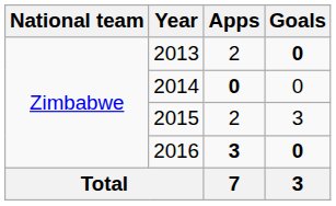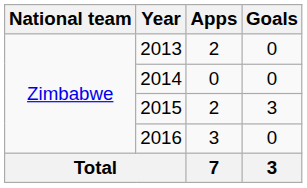 <table class="wikitable" style="text-align:center">
 <tr>
 <th>National team</th>
 <th>Year</th>
 <th>Apps</th>
 <th>Goals</th>
 </tr>
 <tr>
 <td rowspan="4"><a href='#'>Zimbabwe</a></td>
 <td>2013</td>
 <td>2</td>
-<td><strong>0</strong></td>
+<td>0</td>
 </tr>
 <tr>
 <td>2014</td>
-<td><strong>0</strong></td>
+<td>0</td>
 <td>0</td>
 </tr>
 <tr>
 <td>2015</td>
 <td>2</td>
 <td>3</td>
 </tr>
 <tr>
 <td>2016</td>
-<td><strong>3</strong></td>
-<td><strong>0</strong></td>
+<td>3</td>
+<td>0</td>
 </tr>
 <tr>
 <th colspan=2>Total</th>
 <th>7</th>
 <th>3</th>
 </tr>
 </table>
